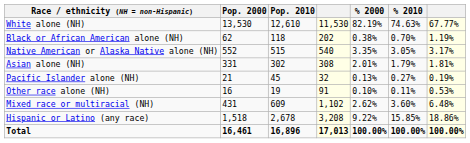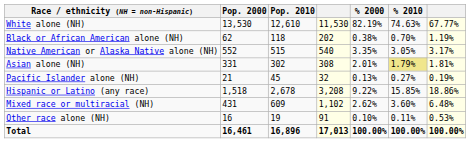 <table class="wikitable">
 <tr>
 <th>Race / ethnicity <small>(<em>NH = non-Hispanic</em>)</small></th>
 <th>Pop. 2000</th>
 <th>Pop. 2010</th>
 <th></th>
 <th>% 2000</th>
 <th>% 2010</th>
 <th></th>
 </tr>
 <tr>
 <td><a href='#'>White</a> alone (NH)</td>
 <td>13,530</td>
 <td>12,610</td>
 <td style='background: #ffffe6;'>11,530</td>
 <td>82.19%</td>
 <td>74.63%</td>
 <td style='background: #ffffe6;'>67.77%</td>
 </tr>
 <tr>
 <td><a href='#'>Black or African American</a> alone (NH)</td>
 <td>62</td>
 <td>118</td>
 <td style='background: #ffffe6;'>202</td>
 <td>0.38%</td>
 <td>0.70%</td>
 <td style='background: #ffffe6;'>1.19%</td>
 </tr>
 <tr>
 <td><a href='#'>Native American</a> or <a href='#'>Alaska Native</a> alone (NH)</td>
 <td>552</td>
 <td>515</td>
 <td style='background: #ffffe6;'>540</td>
 <td>3.35%</td>
 <td>3.05%</td>
 <td style='background: #ffffe6;'>3.17%</td>
 </tr>
 <tr>
 <td><a href='#'>Asian</a> alone (NH)</td>
 <td>331</td>
 <td>302</td>
 <td style='background: #ffffe6;'>308</td>
 <td>2.01%</td>
-<td>1.79%</td>
+<td style="background: khaki;">1.79%</td>
 <td style='background: #ffffe6;'>1.81%</td>
 </tr>
 <tr>
 <td><a href='#'>Pacific Islander</a> alone (NH)</td>
 <td>21</td>
 <td>45</td>
 <td style='background: #ffffe6;'>32</td>
 <td>0.13%</td>
 <td>0.27%</td>
 <td style='background: #ffffe6;'>0.19%</td>
 </tr>
 <tr>
-<td><a href='#'>Other race</a> alone (NH)</td>
-<td>16</td>
-<td>19</td>
-<td style='background: #ffffe6;'>91</td>
-<td>0.10%</td>
-<td>0.11%</td>
-<td style='background: #ffffe6;'>0.53%</td>
+<td><a href='#'>Hispanic or Latino</a> (any race)</td>
+<td>1,518</td>
+<td>2,678</td>
+<td style='background: #ffffe6;'>3,208</td>
+<td>9.22%</td>
+<td>15.85%</td>
+<td style='background: #ffffe6;'>18.86%</td>
 </tr>
 <tr>
 <td><a href='#'>Mixed race or multiracial</a> (NH)</td>
 <td>431</td>
 <td>609</td>
 <td style='background: #ffffe6;'>1,102</td>
 <td>2.62%</td>
 <td>3.60%</td>
 <td style='background: #ffffe6;'>6.48%</td>
 </tr>
 <tr>
-<td><a href='#'>Hispanic or Latino</a> (any race)</td>
-<td>1,518</td>
-<td>2,678</td>
-<td style='background: #ffffe6;'>3,208</td>
-<td>9.22%</td>
-<td>15.85%</td>
-<td style='background: #ffffe6;'>18.86%</td>
+<td><a href='#'>Other race</a> alone (NH)</td>
+<td>16</td>
+<td>19</td>
+<td style='background: #ffffe6;'>91</td>
+<td>0.10%</td>
+<td>0.11%</td>
+<td style='background: #ffffe6;'>0.53%</td>
 </tr>
 <tr>
 <td><strong>Total</strong></td>
 <td><strong>16,461</strong></td>
 <td><strong>16,896</strong></td>
 <td style='background: #ffffe6;'><strong>17,013</strong></td>
 <td><strong>100.00%</strong></td>
 <td><strong>100.00%</strong></td>
 <td style='background: #ffffe6;'><strong>100.00%</strong></td>
 </tr>
 </table>
